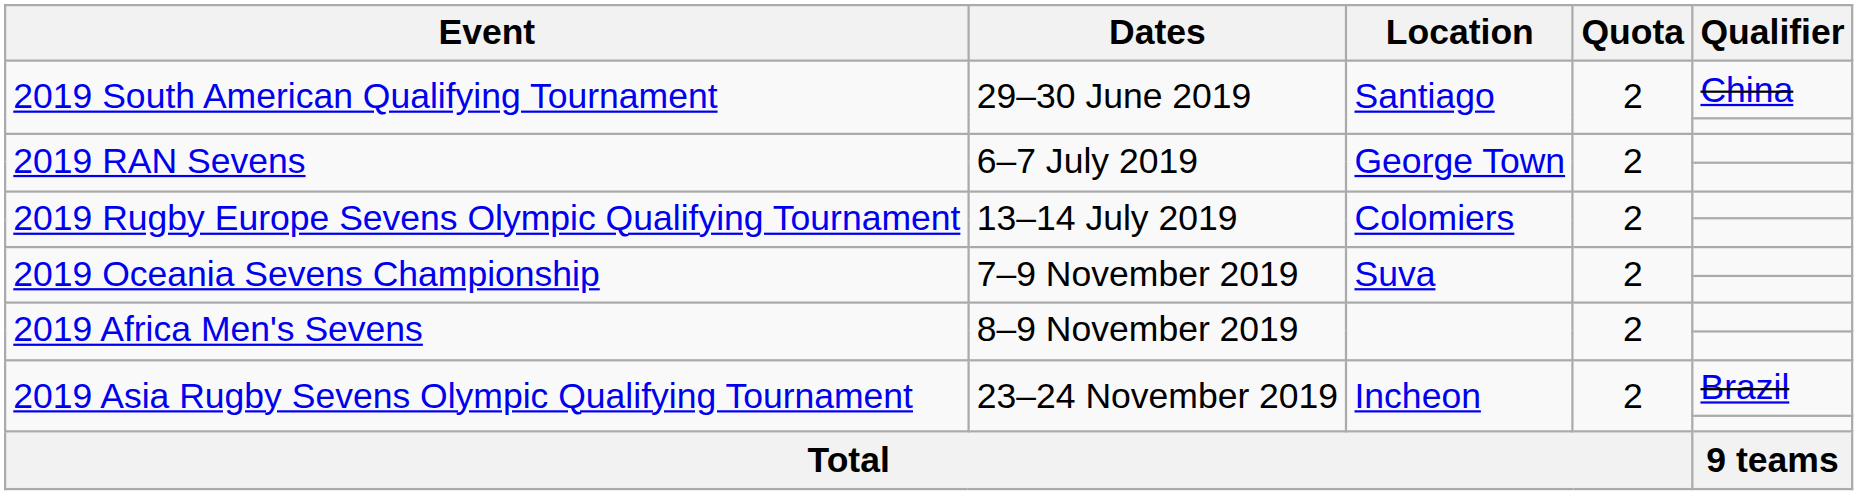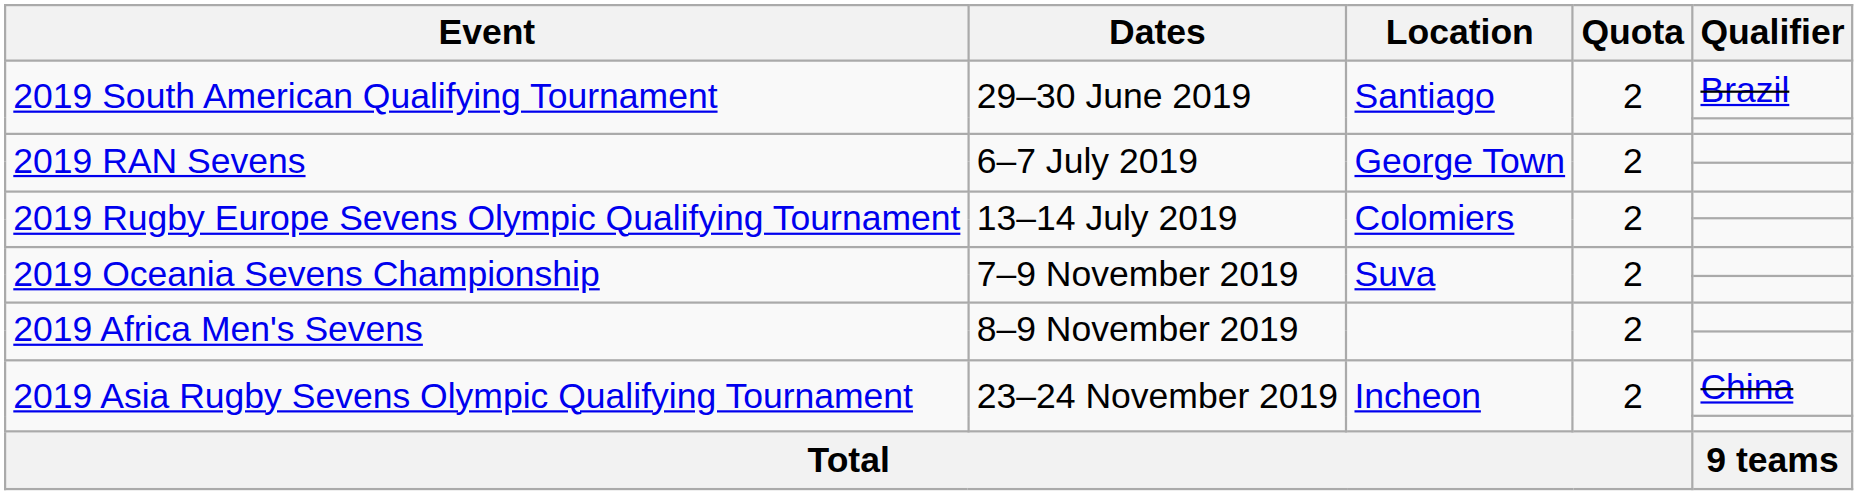 <table class=wikitable>
 <tr>
 <th>Event</th>
 <th>Dates</th>
 <th>Location</th>
 <th>Quota</th>
 <th>Qualifier</th>
 </tr>
 <tr>
 <td rowspan=2><a href='#'>2019 South American Qualifying Tournament</a></td>
 <td rowspan=2>29–30 June 2019</td>
 <td rowspan=2> <a href='#'>Santiago</a></td>
 <td rowspan=2 align=center>2</td>
-<td> <s><a href='#'>China</a></s></td>
+<td> <s><a href='#'>Brazil</a></s></td>
 </tr>
 <tr>
 <td></td>
 </tr>
 <tr>
 <td rowspan=2><a href='#'>2019 RAN Sevens</a></td>
 <td rowspan=2>6–7 July 2019</td>
 <td rowspan=2> <a href='#'>George Town</a></td>
 <td rowspan=2 align=center>2</td>
 <td></td>
 </tr>
 <tr>
 <td></td>
 </tr>
 <tr>
 <td rowspan=2><a href='#'>2019 Rugby Europe Sevens Olympic Qualifying Tournament</a></td>
 <td rowspan=2>13–14 July 2019</td>
 <td rowspan=2> <a href='#'>Colomiers</a></td>
 <td rowspan=2 align=center>2</td>
 <td></td>
 </tr>
 <tr>
 <td></td>
 </tr>
 <tr>
 <td rowspan=2><a href='#'>2019 Oceania Sevens Championship</a></td>
 <td rowspan=2>7–9 November 2019</td>
 <td rowspan=2> <a href='#'>Suva</a></td>
 <td rowspan=2 align=center>2</td>
 <td></td>
 </tr>
 <tr>
 <td></td>
 </tr>
 <tr>
 <td rowspan=2><a href='#'>2019 Africa Men's Sevens</a></td>
 <td rowspan=2>8–9 November 2019</td>
 <td rowspan=2></td>
 <td rowspan=2 align=center>2</td>
 <td></td>
 </tr>
 <tr>
 <td></td>
 </tr>
 <tr>
 <td rowspan=2><a href='#'>2019 Asia Rugby Sevens Olympic Qualifying Tournament</a></td>
 <td rowspan=2>23–24 November 2019</td>
 <td rowspan=2> <a href='#'>Incheon</a></td>
 <td rowspan=2 align=center>2</td>
-<td> <s><a href='#'>Brazil</a></s></td>
+<td> <s><a href='#'>China</a></s></td>
 </tr>
 <tr>
 <td></td>
 </tr>
 <tr>
 <th colspan=4>Total</th>
 <th>9 teams</th>
 </tr>
 </table>
